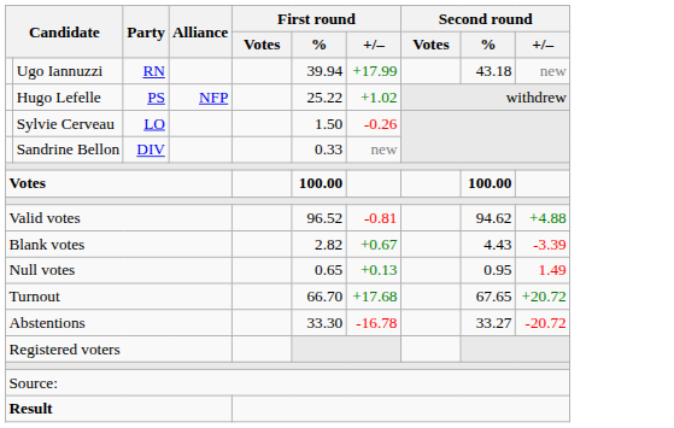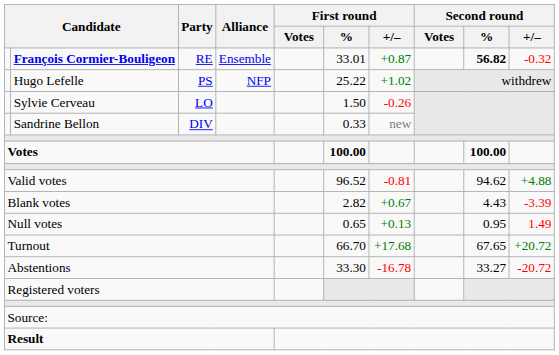 <table class="wikitable" style="text-align:right;font-size:95%;">
 <tr>
 <th rowspan="2" colspan="2">Candidate</th>
 <th colspan="1" rowspan="2">Party</th>
 <th colspan="1" rowspan="2">Alliance</th>
 <th colspan="3">First round</th>
 <th colspan="3">Second round</th>
 </tr>
 <tr>
 <th style="width:50px;">Votes</th>
 <th style="width:45px;">%</th>
 <th style="width:45px;">+/–</th>
 <th style="width:50px;">Votes</th>
 <th style="width:45px;">%</th>
 <th style="width:45px;">+/–</th>
 </tr>
 <tr>
 <td style="color:inherit;background:"></td>
-<td style="text-align:left;">Ugo Iannuzzi</td>
-<td><a href='#'>RN</a></td>
+<td style="text-align:left;"><strong><a href='#'>François Cormier-Bouligeon</a></strong></td>
+<td><a href='#'>RE</a></td>
+<td><a href='#'>Ensemble</a></td>
 <td></td>
-<td></td>
-<td>39.94</td>
-<td style="color:green;">+17.99</td>
-<td></td>
-<td>43.18</td>
-<td style="color:grey;">new</td>
+<td>33.01</td>
+<td style="color:green;">+0.87</td>
+<td><strong></strong></td>
+<td><strong>56.82</strong></td>
+<td style="color:red;">-0.32</td>
 </tr>
 <tr>
 <td style="color:inherit;background:"></td>
 <td style="text-align:left;">Hugo Lefelle</td>
 <td><a href='#'>PS</a></td>
 <td><a href='#'>NFP</a></td>
 <td></td>
 <td>25.22</td>
 <td style="color:green;">+1.02</td>
 <td colspan="3" style="background:#E9E9E9;">withdrew</td>
 </tr>
 <tr>
 <td style="color:inherit;background:"></td>
 <td style="text-align:left;">Sylvie Cerveau</td>
 <td><a href='#'>LO</a></td>
 <td></td>
 <td></td>
 <td>1.50</td>
 <td style="color:red;">-0.26</td>
 <td colspan="3" rowspan="2" style="background:#E9E9E9;"></td>
 </tr>
 <tr>
 <td style="color:inherit;background:"></td>
 <td style="text-align:left;">Sandrine Bellon</td>
 <td><a href='#'>DIV</a></td>
 <td></td>
 <td></td>
 <td>0.33</td>
 <td style="color:grey;">new</td>
 </tr>
 <tr>
 <td colspan="10" style="background:#E9E9E9;"></td>
 </tr>
 <tr style="font-weight:bold;">
 <td colspan="4" style="text-align:left;">Votes</td>
 <td></td>
 <td>100.00</td>
 <td></td>
 <td></td>
 <td>100.00</td>
 <td></td>
 </tr>
 <tr>
 <td colspan="10" style="background:#E9E9E9;"></td>
 </tr>
 <tr>
 <td colspan="4" style="text-align:left;">Valid votes</td>
 <td></td>
 <td>96.52</td>
 <td style="color:red;">-0.81</td>
 <td></td>
 <td>94.62</td>
 <td style="color:green;">+4.88</td>
 </tr>
 <tr>
 <td colspan="4" style="text-align:left;">Blank votes</td>
 <td></td>
 <td>2.82</td>
 <td style="color:green;">+0.67</td>
 <td></td>
 <td>4.43</td>
 <td style="color:red;">-3.39</td>
 </tr>
 <tr>
 <td colspan="4" style="text-align:left;">Null votes</td>
 <td></td>
 <td>0.65</td>
 <td style="color:green;">+0.13</td>
 <td></td>
 <td>0.95</td>
 <td style="color:red;">1.49</td>
 </tr>
 <tr>
 <td colspan="4" style="text-align:left;">Turnout</td>
 <td></td>
 <td>66.70</td>
 <td style="color:green;">+17.68</td>
 <td></td>
 <td>67.65</td>
 <td style="color:green;">+20.72</td>
 </tr>
 <tr>
 <td colspan="4" style="text-align:left;">Abstentions</td>
 <td></td>
 <td>33.30</td>
 <td style="color:red;">-16.78</td>
 <td></td>
 <td>33.27</td>
 <td style="color:red;">-20.72</td>
 </tr>
 <tr>
 <td colspan="4" style="text-align:left;">Registered voters</td>
 <td></td>
 <td colspan="2" style="background:#E9E9E9;"></td>
 <td></td>
 <td colspan="2" style="background:#E9E9E9;"></td>
 </tr>
 <tr>
 <td colspan="10" style="background:#E9E9E9;"></td>
 </tr>
 <tr>
 <td colspan="10" style="text-align:left;">Source: </td>
 </tr>
 <tr style="font-weight:bold">
 <td colspan="4" style="text-align:left;">Result</td>
 <td colspan="6" style="background-color:"></td>
 </tr>
 </table>
